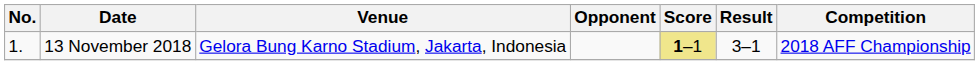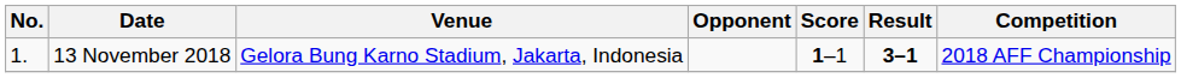 <table class="wikitable">
 <tr>
 <th>No.</th>
 <th>Date</th>
 <th>Venue</th>
 <th>Opponent</th>
 <th>Score</th>
 <th>Result</th>
 <th>Competition</th>
 </tr>
 <tr>
 <td>1.</td>
 <td>13 November 2018</td>
 <td><a href='#'>Gelora Bung Karno Stadium</a>, <a href='#'>Jakarta</a>, Indonesia</td>
 <td></td>
-<td align=center style="background: khaki;"><strong>1</strong>–1</td>
-<td align=center>3–1</td>
+<td align=center><strong>1</strong>–1</td>
+<td align=center><strong>3–1</strong></td>
 <td><a href='#'>2018 AFF Championship</a></td>
 </tr>
 <tr>
 </tr>
 </table>
